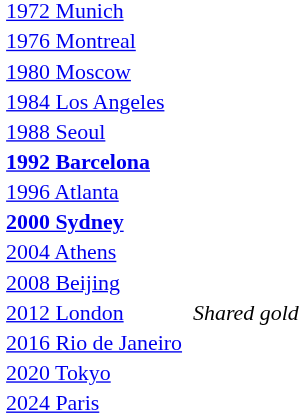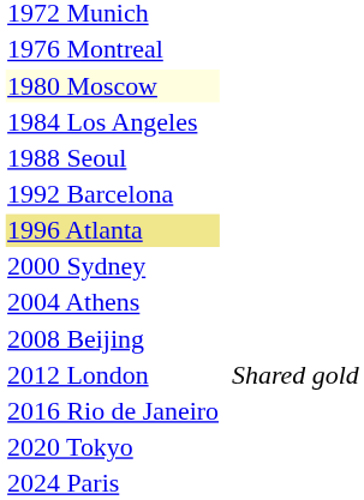 <table>
 <tr>
 <td><a href='#'>1972 Munich</a><br></td>
 <td></td>
 <td></td>
 <td></td>
 </tr>
 <tr>
 <td><a href='#'>1976 Montreal</a><br></td>
 <td></td>
 <td></td>
 <td></td>
 </tr>
 <tr>
-<td><a href='#'>1980 Moscow</a><br></td>
+<td style="background: lightyellow;"><a href='#'>1980 Moscow</a><br></td>
 <td></td>
 <td></td>
 <td></td>
 </tr>
 <tr>
 <td><a href='#'>1984 Los Angeles</a><br></td>
 <td></td>
 <td></td>
 <td></td>
 </tr>
 <tr>
 <td><a href='#'>1988 Seoul</a><br></td>
 <td></td>
 <td></td>
 <td></td>
 </tr>
 <tr>
-<td><strong><a href='#'>1992 Barcelona</a><br></strong></td>
+<td><a href='#'>1992 Barcelona</a><br></td>
 <td></td>
 <td></td>
 <td></td>
 </tr>
 <tr>
-<td><a href='#'>1996 Atlanta</a><br></td>
+<td style="background: khaki;"><a href='#'>1996 Atlanta</a><br></td>
 <td></td>
 <td></td>
 <td></td>
 </tr>
 <tr>
-<td><strong><a href='#'>2000 Sydney</a><br></strong></td>
+<td><a href='#'>2000 Sydney</a><br></td>
 <td></td>
 <td></td>
 <td></td>
 </tr>
 <tr>
 <td><a href='#'>2004 Athens</a><br></td>
 <td></td>
 <td></td>
 <td></td>
 </tr>
 <tr>
 <td rowspan="2"><a href='#'>2008 Beijing</a><br></td>
 <td rowspan="2"></td>
 <td rowspan="2"></td>
 <td></td>
 </tr>
 <tr>
 <td></td>
 </tr>
 <tr>
 <td rowspan="2"><a href='#'>2012 London</a><br></td>
 <td></td>
 <td rowspan="2"><em>Shared gold</em></td>
 <td></td>
 </tr>
 <tr>
 <td></td>
 <td></td>
 </tr>
 <tr>
 <td rowspan="2"><a href='#'>2016 Rio de Janeiro</a><br></td>
 <td rowspan="2"></td>
 <td rowspan="2"></td>
 <td></td>
 </tr>
 <tr>
 <td></td>
 </tr>
 <tr>
 <td rowspan="2"><a href='#'>2020 Tokyo</a><br></td>
 <td rowspan="2"></td>
 <td rowspan="2"></td>
 <td></td>
 </tr>
 <tr>
 <td></td>
 </tr>
 <tr>
 <td rowspan="2"><a href='#'>2024 Paris</a><br></td>
 <td rowspan=2></td>
 <td rowspan=2></td>
 <td></td>
 </tr>
 <tr>
 <td></td>
 </tr>
 </table>
